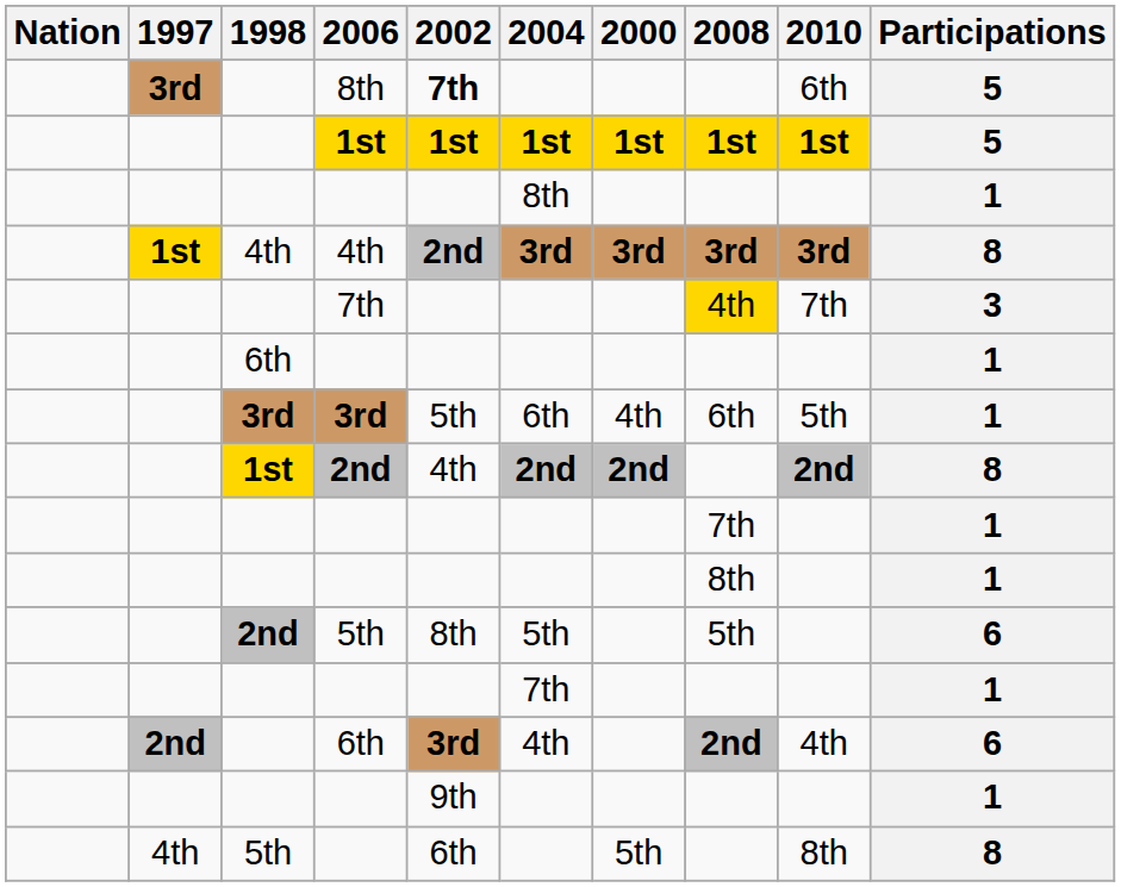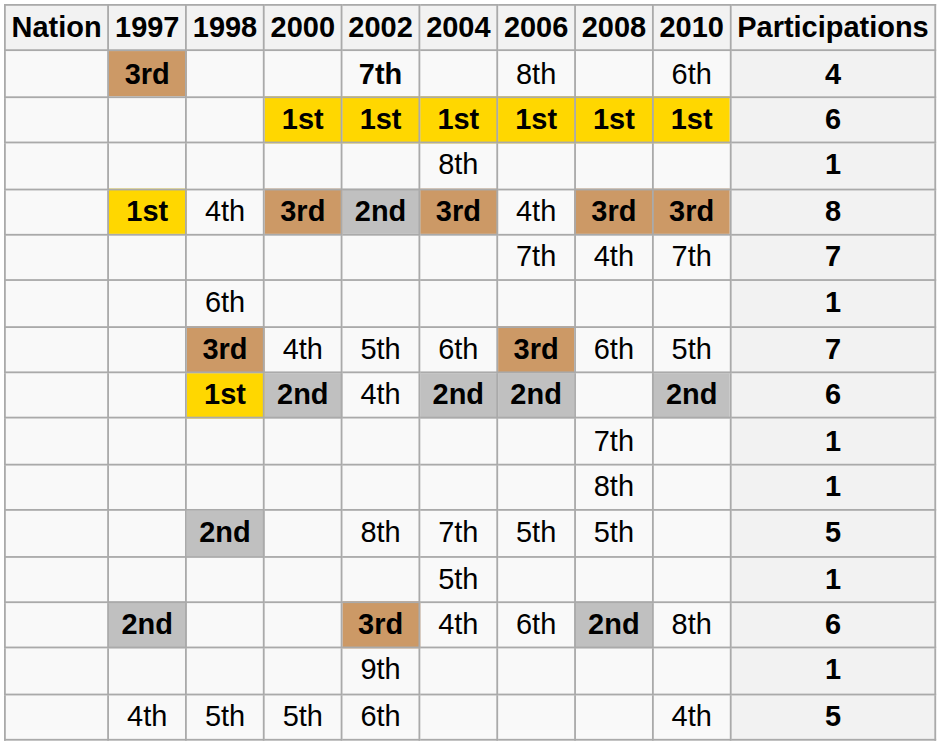 <table class="wikitable" style="text-align:center">
 <tr>
 <th>Nation</th>
 <th>1997</th>
 <th>1998</th>
-<th>2006</th>
+<th>2000</th>
 <th>2002</th>
 <th>2004</th>
-<th>2000</th>
+<th>2006</th>
 <th>2008</th>
 <th>2010</th>
 <th>Participations</th>
 </tr>
 <tr>
 <td align=left></td>
 <td bgcolor=#cc9966><strong>3rd</strong></td>
 <td></td>
-<td>8th</td>
+<td></td>
 <td><strong>7th</strong></td>
 <td></td>
-<td></td>
+<td>8th</td>
 <td></td>
 <td>6th</td>
-<th>5</th>
+<th>4</th>
 </tr>
 <tr>
 <td align=left></td>
 <td></td>
 <td></td>
 <td bgcolor=gold><strong>1st</strong></td>
 <td bgcolor=gold><strong>1st</strong></td>
 <td bgcolor=gold><strong>1st</strong></td>
 <td bgcolor=gold><strong>1st</strong></td>
 <td bgcolor=gold><strong>1st</strong></td>
 <td bgcolor=gold><strong>1st</strong></td>
-<th>5</th>
+<th>6</th>
 </tr>
 <tr>
 <td align=left></td>
 <td></td>
 <td></td>
 <td></td>
 <td></td>
 <td>8th</td>
 <td></td>
 <td></td>
 <td></td>
 <th>1</th>
 </tr>
 <tr>
 <td align=left></td>
 <td bgcolor=gold><strong>1st</strong></td>
 <td>4th</td>
-<td>4th</td>
+<td bgcolor=#cc9966><strong>3rd</strong></td>
 <td bgcolor=silver><strong>2nd</strong></td>
 <td bgcolor=#cc9966><strong>3rd</strong></td>
-<td bgcolor=#cc9966><strong>3rd</strong></td>
+<td>4th</td>
 <td bgcolor=#cc9966><strong>3rd</strong></td>
 <td bgcolor=#cc9966><strong>3rd</strong></td>
 <th>8</th>
 </tr>
 <tr>
 <td align=left></td>
 <td></td>
 <td></td>
-<td>7th</td>
 <td></td>
 <td></td>
 <td></td>
-<td style="background: gold;">4th</td>
 <td>7th</td>
-<th>3</th>
+<td>4th</td>
+<td>7th</td>
+<th>7</th>
 </tr>
 <tr>
 <td align=left></td>
 <td></td>
 <td>6th</td>
 <td></td>
 <td></td>
 <td></td>
 <td></td>
 <td></td>
 <td></td>
 <th>1</th>
 </tr>
 <tr>
 <td align=left></td>
 <td></td>
 <td bgcolor=#cc9966><strong>3rd</strong></td>
-<td bgcolor=#cc9966><strong>3rd</strong></td>
+<td>4th</td>
 <td>5th</td>
 <td>6th</td>
-<td>4th</td>
+<td bgcolor=#cc9966><strong>3rd</strong></td>
 <td>6th</td>
 <td>5th</td>
-<th>1</th>
+<th>7</th>
 </tr>
 <tr>
 <td align=left></td>
 <td></td>
 <td bgcolor=gold><strong>1st</strong></td>
 <td bgcolor=silver><strong>2nd</strong></td>
 <td>4th</td>
 <td bgcolor=silver><strong>2nd</strong></td>
 <td bgcolor=silver><strong>2nd</strong></td>
 <td></td>
 <td bgcolor=silver><strong>2nd</strong></td>
-<th>8</th>
+<th>6</th>
 </tr>
 <tr>
 <td align=left></td>
 <td></td>
 <td></td>
 <td></td>
 <td></td>
 <td></td>
 <td></td>
 <td>7th</td>
 <td></td>
 <th>1</th>
 </tr>
 <tr>
 <td align=left></td>
 <td></td>
 <td></td>
 <td></td>
 <td></td>
 <td></td>
 <td></td>
 <td>8th</td>
 <td></td>
 <th>1</th>
 </tr>
 <tr>
 <td align=left></td>
 <td></td>
 <td bgcolor=silver><strong>2nd</strong></td>
+<td></td>
+<td>8th</td>
+<td>7th</td>
 <td>5th</td>
-<td>8th</td>
 <td>5th</td>
 <td></td>
-<td>5th</td>
-<td></td>
-<th>6</th>
+<th>5</th>
 </tr>
 <tr>
 <td align=left></td>
 <td></td>
 <td></td>
 <td></td>
 <td></td>
-<td>7th</td>
+<td>5th</td>
 <td></td>
 <td></td>
 <td></td>
 <th>1</th>
 </tr>
 <tr>
 <td align=left></td>
 <td bgcolor=silver><strong>2nd</strong></td>
 <td></td>
-<td>6th</td>
+<td></td>
 <td bgcolor=#cc9966><strong>3rd</strong></td>
 <td>4th</td>
-<td></td>
+<td>6th</td>
 <td bgcolor=silver><strong>2nd</strong></td>
-<td>4th</td>
+<td>8th</td>
 <th>6</th>
 </tr>
 <tr>
 <td align=left></td>
 <td></td>
 <td></td>
 <td></td>
 <td>9th</td>
 <td></td>
 <td></td>
 <td></td>
 <td></td>
 <th>1</th>
 </tr>
 <tr>
 <td align=left></td>
 <td>4th</td>
 <td>5th</td>
-<td></td>
+<td>5th</td>
 <td>6th</td>
 <td></td>
-<td>5th</td>
 <td></td>
-<td>8th</td>
-<th>8</th>
+<td></td>
+<td>4th</td>
+<th>5</th>
 </tr>
 </table>
